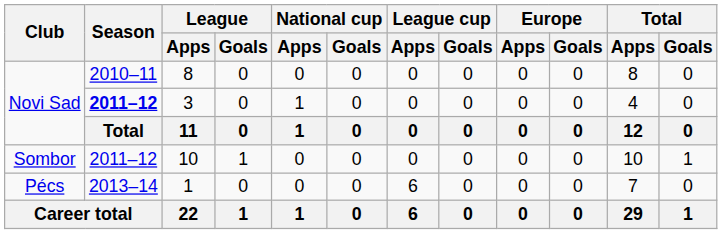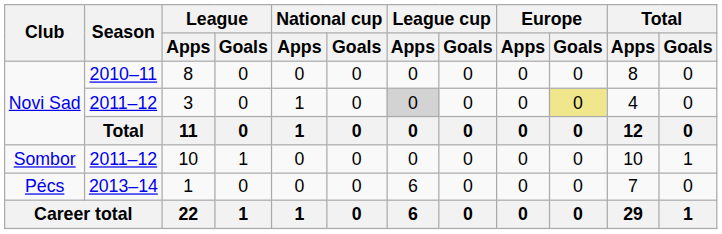 <table class="wikitable" style="font-size:90%; text-align: center;">
 <tr>
 <th rowspan="2">Club</th>
 <th rowspan="2">Season</th>
 <th colspan="2">League</th>
 <th colspan="2">National cup</th>
 <th colspan="2">League cup</th>
 <th colspan="2">Europe</th>
 <th colspan="2">Total</th>
 </tr>
 <tr>
 <th>Apps</th>
 <th>Goals</th>
 <th>Apps</th>
 <th>Goals</th>
 <th>Apps</th>
 <th>Goals</th>
 <th>Apps</th>
 <th>Goals</th>
 <th>Apps</th>
 <th>Goals</th>
 </tr>
 <tr>
 <td rowspan="3"><a href='#'>Novi Sad</a></td>
 <td><a href='#'>2010–11</a></td>
 <td>8</td>
 <td>0</td>
 <td>0</td>
 <td>0</td>
 <td>0</td>
 <td>0</td>
 <td>0</td>
 <td>0</td>
 <td>8</td>
 <td>0</td>
 </tr>
 <tr>
-<td><strong><a href='#'>2011–12</a></strong></td>
+<td><a href='#'>2011–12</a></td>
 <td>3</td>
 <td>0</td>
 <td>1</td>
 <td>0</td>
+<td style="background: lightgrey;">0</td>
 <td>0</td>
 <td>0</td>
-<td>0</td>
-<td>0</td>
+<td style="background: khaki;">0</td>
 <td>4</td>
 <td>0</td>
 </tr>
 <tr>
 <th>Total</th>
 <th>11</th>
 <th>0</th>
 <th>1</th>
 <th>0</th>
 <th>0</th>
 <th>0</th>
 <th>0</th>
 <th>0</th>
 <th>12</th>
 <th>0</th>
 </tr>
 <tr>
 <td><a href='#'>Sombor</a></td>
 <td><a href='#'>2011–12</a></td>
 <td>10</td>
 <td>1</td>
 <td>0</td>
 <td>0</td>
 <td>0</td>
 <td>0</td>
 <td>0</td>
 <td>0</td>
 <td>10</td>
 <td>1</td>
 </tr>
 <tr>
 <td><a href='#'>Pécs</a></td>
 <td><a href='#'>2013–14</a></td>
 <td>1</td>
 <td>0</td>
 <td>0</td>
 <td>0</td>
 <td>6</td>
 <td>0</td>
 <td>0</td>
 <td>0</td>
 <td>7</td>
 <td>0</td>
 </tr>
 <tr>
 <th colspan="2">Career total</th>
 <th>22</th>
 <th>1</th>
 <th>1</th>
 <th>0</th>
 <th>6</th>
 <th>0</th>
 <th>0</th>
 <th>0</th>
 <th>29</th>
 <th>1</th>
 </tr>
 </table>
